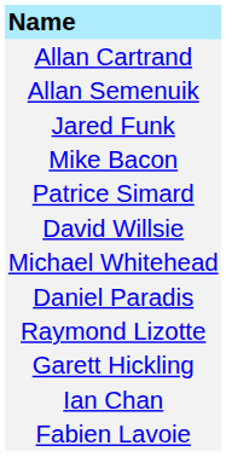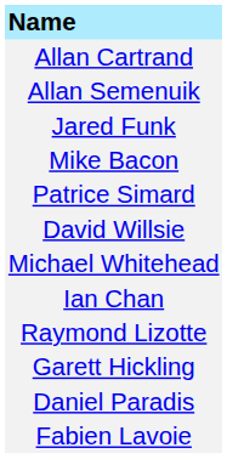 <table border=0 cellpadding=2 cellspacing=0  |- bgcolor=#F2F2F2 style="text-align:center; font-size:90%;">
 <tr bgcolor=#ADEBFD>
 <th align=left>Name</th>
 </tr>
 <tr>
 <td><a href='#'>Allan Cartrand</a></td>
 </tr>
 <tr>
 <td><a href='#'>Allan Semenuik</a></td>
 </tr>
 <tr>
 <td><a href='#'>Jared Funk</a></td>
 </tr>
 <tr>
 <td><a href='#'>Mike Bacon</a></td>
 </tr>
 <tr>
 <td><a href='#'>Patrice Simard</a></td>
 </tr>
 <tr>
 <td><a href='#'>David Willsie</a></td>
 </tr>
 <tr>
 <td><a href='#'>Michael Whitehead</a></td>
 </tr>
 <tr>
-<td><a href='#'>Daniel Paradis</a></td>
+<td><a href='#'>Ian Chan</a></td>
 </tr>
 <tr>
 <td><a href='#'>Raymond Lizotte</a></td>
 </tr>
 <tr>
 <td><a href='#'>Garett Hickling</a></td>
 </tr>
 <tr>
-<td><a href='#'>Ian Chan</a></td>
+<td><a href='#'>Daniel Paradis</a></td>
 </tr>
 <tr>
 <td><a href='#'>Fabien Lavoie</a></td>
 </tr>
 </table>
